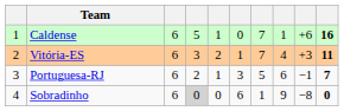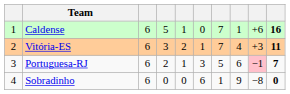 <table class="wikitable" style="text-align: center;">
 <tr>
 <th width=20></th>
 <th width=165>Team</th>
 <th width=20></th>
 <th width=20></th>
 <th width=20></th>
 <th width=20></th>
 <th width=20></th>
 <th width=20></th>
 <th width=20></th>
 <th width=20></th>
 </tr>
 <tr bgcolor=#ccffcc>
 <td>1</td>
 <td align=left> <a href='#'>Caldense</a></td>
 <td>6</td>
 <td>5</td>
 <td>1</td>
 <td>0</td>
 <td>7</td>
 <td>1</td>
 <td>+6</td>
 <td><strong>16</strong></td>
 </tr>
 <tr bgcolor=#ffcc99>
 <td>2</td>
 <td align=left> <a href='#'>Vitória-ES</a></td>
 <td>6</td>
 <td>3</td>
 <td>2</td>
 <td>1</td>
 <td>7</td>
 <td>4</td>
 <td>+3</td>
 <td><strong>11</strong></td>
 </tr>
 <tr>
 <td>3</td>
 <td align=left> <a href='#'>Portuguesa-RJ</a></td>
 <td>6</td>
 <td>2</td>
 <td>1</td>
 <td>3</td>
 <td>5</td>
 <td>6</td>
-<td>−1</td>
+<td style="background: pink;">−1</td>
 <td><strong>7</strong></td>
 </tr>
 <tr>
 <td>4</td>
 <td align=left> <a href='#'>Sobradinho</a></td>
 <td>6</td>
-<td style="background: lightgrey;">0</td>
+<td>0</td>
 <td>0</td>
 <td>6</td>
 <td>1</td>
 <td>9</td>
 <td>−8</td>
 <td><strong>0</strong></td>
 </tr>
 </table>
